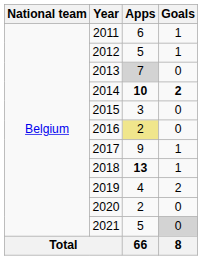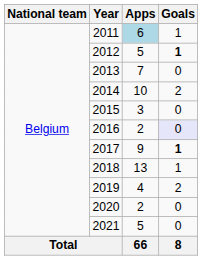 <table class="wikitable" style="text-align: center;">
 <tr>
 <th>National team</th>
 <th>Year</th>
 <th>Apps</th>
 <th>Goals</th>
 </tr>
 <tr>
 <td rowspan="11"><a href='#'>Belgium</a></td>
 <td>2011</td>
-<td>6</td>
+<td style="background: lightblue;">6</td>
 <td>1</td>
 </tr>
 <tr>
 <td>2012</td>
 <td>5</td>
-<td>1</td>
+<td><strong>1</strong></td>
 </tr>
 <tr>
 <td>2013</td>
-<td style="background: lightgrey;">7</td>
+<td>7</td>
 <td>0</td>
 </tr>
 <tr>
 <td>2014</td>
-<td><strong>10</strong></td>
-<td><strong>2</strong></td>
+<td>10</td>
+<td>2</td>
 </tr>
 <tr>
 <td>2015</td>
 <td>3</td>
 <td>0</td>
 </tr>
 <tr>
 <td>2016</td>
-<td style="background: khaki;">2</td>
-<td>0</td>
+<td>2</td>
+<td style="background: lavender;">0</td>
 </tr>
 <tr>
 <td>2017</td>
 <td>9</td>
-<td>1</td>
+<td><strong>1</strong></td>
 </tr>
 <tr>
 <td>2018</td>
-<td><strong>13</strong></td>
+<td>13</td>
 <td>1</td>
 </tr>
 <tr>
 <td>2019</td>
 <td>4</td>
 <td>2</td>
 </tr>
 <tr>
 <td>2020</td>
 <td>2</td>
 <td>0</td>
 </tr>
 <tr>
 <td>2021</td>
 <td>5</td>
-<td style="background: lightgrey;">0</td>
+<td>0</td>
 </tr>
 <tr>
 <th colspan="2">Total</th>
 <th>66</th>
 <th>8</th>
 </tr>
 </table>
